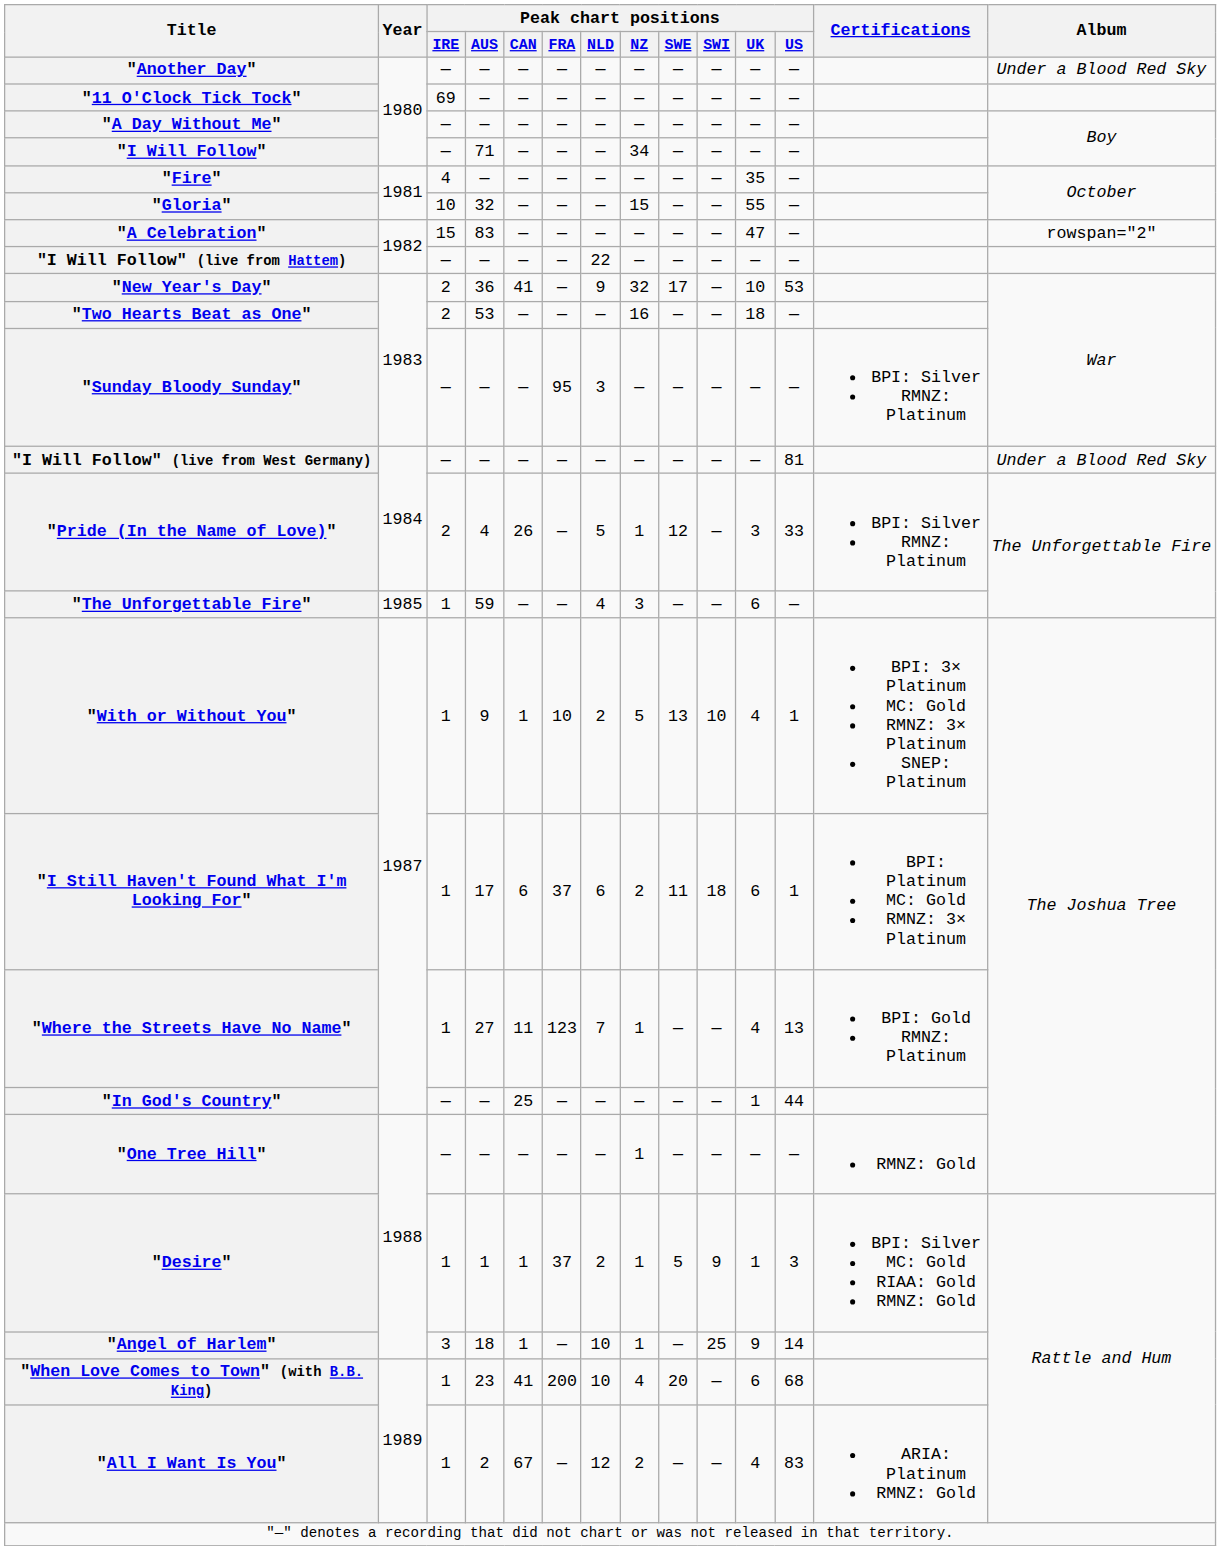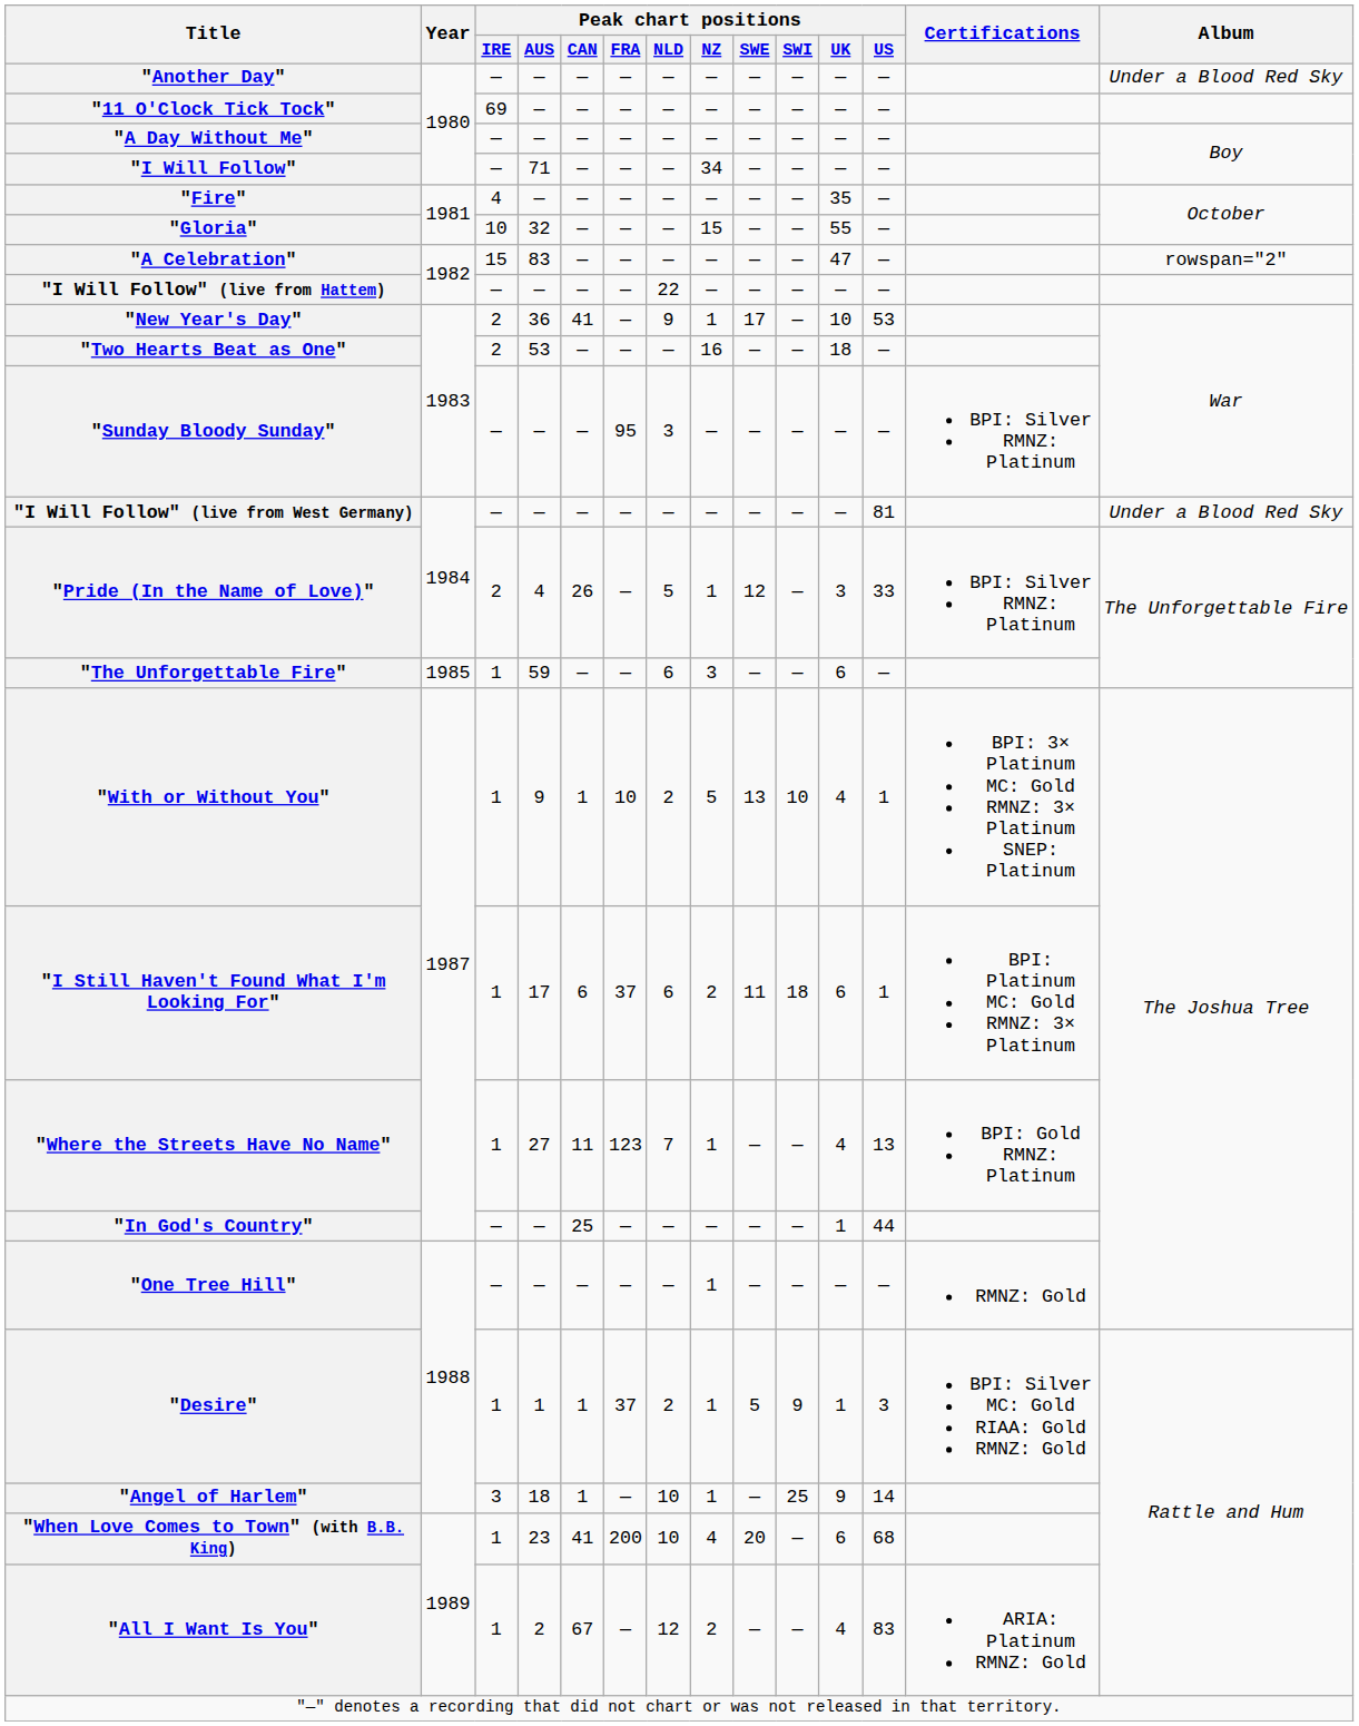 <table class="wikitable plainrowheaders" style="text-align:center;" border="1">
 <tr>
 <th scope="col" rowspan="2" style="width:22em;">Title</th>
 <th scope="col" rowspan="2">Year</th>
 <th scope="col" colspan="10">Peak chart positions</th>
 <th scope="col" rowspan="2" style="width:10em;"><a href='#'>Certifications</a></th>
 <th scope="col" rowspan="2">Album</th>
 </tr>
 <tr>
 <th scope="col" style="width:2.1em;font-size:90%;"><a href='#'>IRE</a><br></th>
 <th scope="col" style="width:2.1em;font-size:90%;"><a href='#'>AUS</a><br></th>
 <th scope="col" style="width:2.1em;font-size:90%;"><a href='#'>CAN</a><br></th>
 <th scope="col" style="width:2.1em;font-size:90%;"><a href='#'>FRA</a><br></th>
 <th scope="col" style="width:2.1em;font-size:90%;"><a href='#'>NLD</a><br></th>
 <th scope="col" style="width:2.1em;font-size:90%;"><a href='#'>NZ</a><br></th>
 <th scope="col" style="width:2.1em;font-size:90%;"><a href='#'>SWE</a><br></th>
 <th scope="col" style="width:2.1em;font-size:90%;"><a href='#'>SWI</a><br></th>
 <th scope="col" style="width:2.1em;font-size:90%;"><a href='#'>UK</a><br></th>
 <th scope="col" style="width:2.1em;font-size:90%;"><a href='#'>US</a><br></th>
 </tr>
 <tr>
 <th scope="row">"<a href='#'>Another Day</a>"</th>
 <td rowspan=4>1980</td>
 <td>—</td>
 <td>—</td>
 <td>—</td>
 <td>—</td>
 <td>—</td>
 <td>—</td>
 <td>—</td>
 <td>—</td>
 <td>—</td>
 <td>—</td>
 <td></td>
 <td><em>Under a Blood Red Sky</em></td>
 </tr>
 <tr>
 <th scope="row">"<a href='#'>11 O'Clock Tick Tock</a>"</th>
 <td>69<br></td>
 <td>—</td>
 <td>—</td>
 <td>—</td>
 <td>—</td>
 <td>—</td>
 <td>—</td>
 <td>—</td>
 <td>—</td>
 <td>—</td>
 <td></td>
 </tr>
 <tr>
 <th scope="row">"<a href='#'>A Day Without Me</a>"</th>
 <td>—</td>
 <td>—</td>
 <td>—</td>
 <td>—</td>
 <td>—</td>
 <td>—</td>
 <td>—</td>
 <td>—</td>
 <td>—</td>
 <td>—</td>
 <td></td>
 <td rowspan="2"><em>Boy</em></td>
 </tr>
 <tr>
 <th scope="row">"<a href='#'>I Will Follow</a>"</th>
 <td>—</td>
 <td>71</td>
 <td>—</td>
 <td>—</td>
 <td>—</td>
 <td>34</td>
 <td>—</td>
 <td>—</td>
 <td>—</td>
 <td>—</td>
 <td></td>
 </tr>
 <tr>
 <th scope="row">"<a href='#'>Fire</a>"</th>
 <td rowspan=2>1981</td>
 <td>4</td>
 <td>—</td>
 <td>—</td>
 <td>—</td>
 <td>—</td>
 <td>—</td>
 <td>—</td>
 <td>—</td>
 <td>35</td>
 <td>—</td>
 <td></td>
 <td rowspan="2"><em>October</em></td>
 </tr>
 <tr>
 <th scope="row">"<a href='#'>Gloria</a>"</th>
 <td>10</td>
 <td>32</td>
 <td>—</td>
 <td>—</td>
 <td>—</td>
 <td>15</td>
 <td>—</td>
 <td>—</td>
 <td>55</td>
 <td>—</td>
 <td></td>
 </tr>
 <tr>
 <th scope="row">"<a href='#'>A Celebration</a>"</th>
 <td rowspan=2>1982</td>
 <td>15</td>
 <td>83</td>
 <td>—</td>
 <td>—</td>
 <td>—</td>
 <td>—</td>
 <td>—</td>
 <td>—</td>
 <td>47</td>
 <td>—</td>
 <td></td>
 <td>rowspan="2" </td>
 </tr>
 <tr>
 <th scope="row">"I Will Follow" <small>(live from <a href='#'>Hattem</a>)</small></th>
 <td>—</td>
 <td>—</td>
 <td>—</td>
 <td>—</td>
 <td>22</td>
 <td>—</td>
 <td>—</td>
 <td>—</td>
 <td>—</td>
 <td>—</td>
 <td></td>
 </tr>
 <tr>
 <th scope="row">"<a href='#'>New Year's Day</a>"</th>
 <td rowspan=3>1983</td>
 <td>2</td>
 <td>36</td>
 <td>41</td>
 <td>—</td>
 <td>9</td>
-<td>32</td>
+<td>1</td>
 <td>17</td>
 <td>—</td>
 <td>10</td>
 <td>53</td>
 <td></td>
 <td rowspan="3"><em>War</em></td>
 </tr>
 <tr>
 <th scope="row">"<a href='#'>Two Hearts Beat as One</a>"</th>
 <td>2</td>
 <td>53</td>
 <td>—</td>
 <td>—</td>
 <td>—</td>
 <td>16</td>
 <td>—</td>
 <td>—</td>
 <td>18</td>
 <td>—</td>
 <td></td>
 </tr>
 <tr>
 <th scope="row">"<a href='#'>Sunday Bloody Sunday</a>"</th>
 <td>—</td>
 <td>—</td>
 <td>—</td>
 <td>95</td>
 <td>3</td>
 <td>—</td>
 <td>—</td>
 <td>—</td>
 <td>—</td>
 <td>—</td>
 <td><br><ul><li>BPI: Silver</li><li>RMNZ: Platinum</li></ul></td>
 </tr>
 <tr>
 <th scope="row">"I Will Follow" <small>(live from West Germany)</small></th>
 <td rowspan=2>1984</td>
 <td>—</td>
 <td>—</td>
 <td>—</td>
 <td>—</td>
 <td>—</td>
 <td>—</td>
 <td>—</td>
 <td>—</td>
 <td>—</td>
 <td>81</td>
 <td></td>
 <td><em>Under a Blood Red Sky</em></td>
 </tr>
 <tr>
 <th scope="row">"<a href='#'>Pride (In the Name of Love)</a>"</th>
 <td>2</td>
 <td>4</td>
 <td>26</td>
 <td>—</td>
 <td>5</td>
 <td>1</td>
 <td>12</td>
 <td>—</td>
 <td>3</td>
 <td>33</td>
 <td><br><ul><li>BPI: Silver</li><li>RMNZ: Platinum</li></ul></td>
 <td rowspan="2"><em>The Unforgettable Fire</em></td>
 </tr>
 <tr>
 <th scope="row">"<a href='#'>The Unforgettable Fire</a>"</th>
 <td>1985</td>
 <td>1</td>
 <td>59</td>
 <td>—</td>
 <td>—</td>
-<td>4</td>
+<td>6</td>
 <td>3</td>
 <td>—</td>
 <td>—</td>
 <td>6</td>
 <td>—</td>
 <td></td>
 </tr>
 <tr>
 <th scope="row">"<a href='#'>With or Without You</a>"</th>
 <td rowspan=4>1987</td>
 <td>1</td>
 <td>9</td>
 <td>1</td>
 <td>10</td>
 <td>2</td>
 <td>5</td>
 <td>13</td>
 <td>10</td>
 <td>4</td>
 <td>1</td>
 <td><br><ul><li>BPI: 3× Platinum</li><li>MC: Gold</li><li>RMNZ: 3× Platinum</li><li>SNEP: Platinum</li></ul></td>
 <td rowspan="5"><em>The Joshua Tree</em></td>
 </tr>
 <tr>
 <th scope="row">"<a href='#'>I Still Haven't Found What I'm Looking For</a>"</th>
 <td>1</td>
 <td>17</td>
 <td>6</td>
 <td>37</td>
 <td>6</td>
 <td>2</td>
 <td>11</td>
 <td>18</td>
 <td>6</td>
 <td>1</td>
 <td><br><ul><li>BPI: Platinum</li><li>MC: Gold</li><li>RMNZ: 3× Platinum</li></ul></td>
 </tr>
 <tr>
 <th scope="row">"<a href='#'>Where the Streets Have No Name</a>"</th>
 <td>1</td>
 <td>27</td>
 <td>11</td>
 <td>123</td>
 <td>7</td>
 <td>1</td>
 <td>—</td>
 <td>—</td>
 <td>4</td>
 <td>13</td>
 <td><br><ul><li>BPI: Gold</li><li>RMNZ: Platinum</li></ul></td>
 </tr>
 <tr>
 <th scope="row">"<a href='#'>In God's Country</a>"</th>
 <td>—</td>
 <td>—</td>
 <td>25</td>
 <td>—</td>
 <td>—</td>
 <td>—</td>
 <td>—</td>
 <td>—</td>
 <td>1</td>
 <td>44</td>
 <td></td>
 </tr>
 <tr>
 <th scope="row">"<a href='#'>One Tree Hill</a>"</th>
 <td rowspan=3>1988</td>
 <td>—</td>
 <td>—</td>
 <td>—</td>
 <td>—</td>
 <td>—</td>
 <td>1</td>
 <td>—</td>
 <td>—</td>
 <td>—</td>
 <td>—</td>
 <td><br><ul><li>RMNZ: Gold</li></ul></td>
 </tr>
 <tr>
 <th scope="row">"<a href='#'>Desire</a>"</th>
 <td>1</td>
 <td>1</td>
 <td>1</td>
 <td>37</td>
 <td>2</td>
 <td>1</td>
 <td>5</td>
 <td>9</td>
 <td>1</td>
 <td>3</td>
 <td><br><ul><li>BPI: Silver</li><li>MC: Gold</li><li>RIAA: Gold</li><li>RMNZ: Gold</li></ul></td>
 <td rowspan="4"><em>Rattle and Hum</em></td>
 </tr>
 <tr>
 <th scope="row">"<a href='#'>Angel of Harlem</a>"</th>
 <td>3</td>
 <td>18</td>
 <td>1</td>
 <td>—</td>
 <td>10</td>
 <td>1</td>
 <td>—</td>
 <td>25</td>
 <td>9</td>
 <td>14</td>
 <td></td>
 </tr>
 <tr>
 <th scope="row">"<a href='#'>When Love Comes to Town</a>" <small>(with <a href='#'>B.B. King</a>)</small></th>
 <td rowspan=2>1989</td>
 <td>1</td>
 <td>23</td>
 <td>41</td>
 <td>200</td>
 <td>10</td>
 <td>4</td>
 <td>20</td>
 <td>—</td>
 <td>6</td>
 <td>68</td>
 <td></td>
 </tr>
 <tr>
 <th scope="row">"<a href='#'>All I Want Is You</a>"</th>
 <td>1</td>
 <td>2</td>
 <td>67</td>
 <td>—</td>
 <td>12</td>
 <td>2</td>
 <td>—</td>
 <td>—</td>
 <td>4</td>
 <td>83</td>
 <td><br><ul><li>ARIA: Platinum</li><li>RMNZ: Gold</li></ul></td>
 </tr>
 <tr>
 <td colspan="14" style="font-size:85%">"—" denotes a recording that did not chart or was not released in that territory.</td>
 </tr>
 </table>
